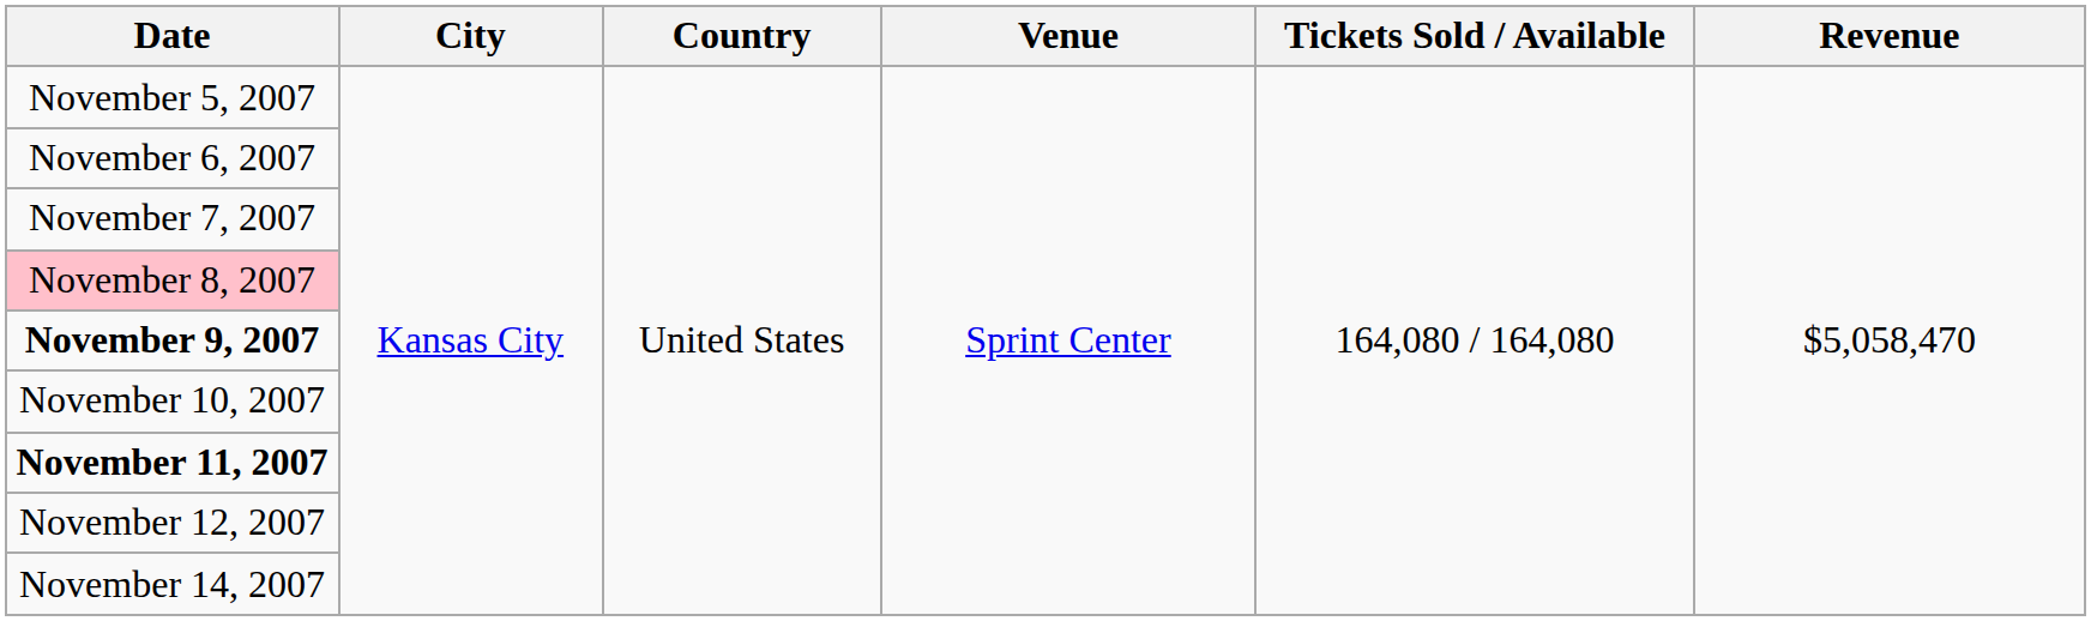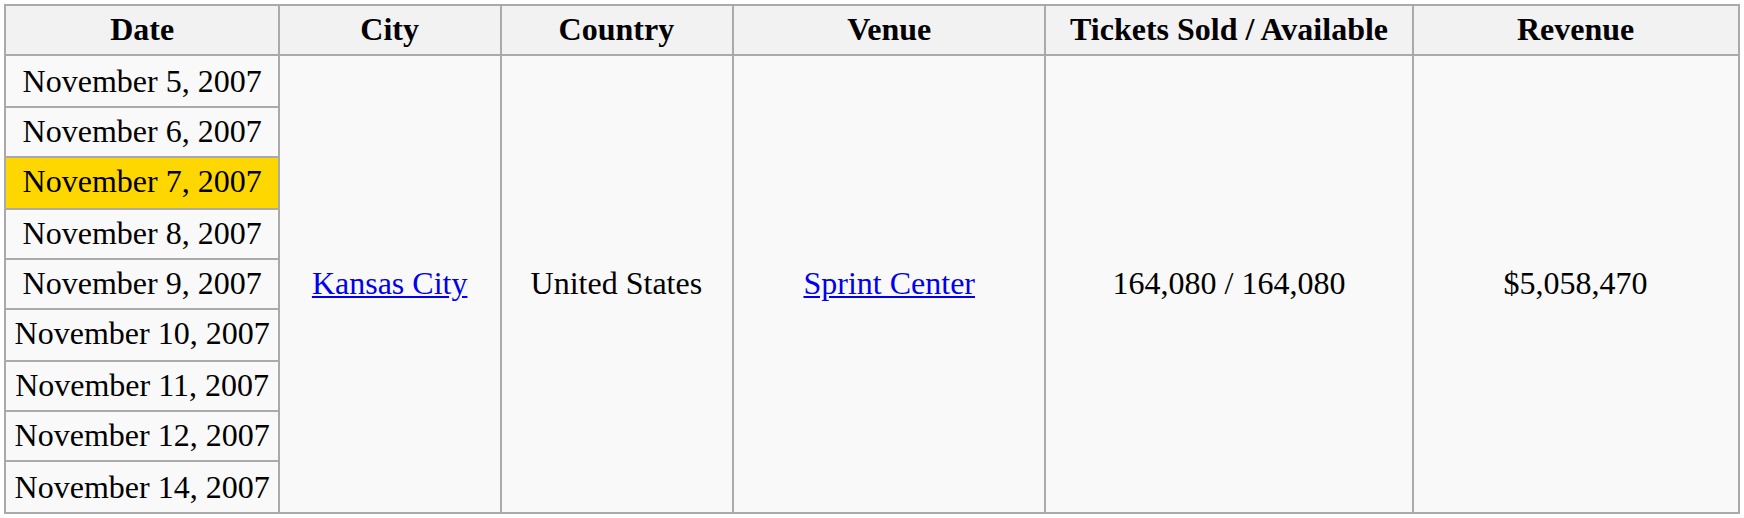 <table class="wikitable" style="text-align:center;">
 <tr>
 <th scope="col" style="width:12em;">Date</th>
 <th scope="col" style="width:10em;">City</th>
 <th scope="col" style="width:10em;">Country</th>
 <th scope="col" style="width:16em;">Venue</th>
 <th scope="col" style="width:18em;">Tickets Sold / Available</th>
 <th scope="col" style="width:15em;">Revenue</th>
 </tr>
 <tr>
 <td>November 5, 2007</td>
 <td rowspan="9"><a href='#'>Kansas City</a></td>
 <td rowspan="9">United States</td>
 <td rowspan="9"><a href='#'>Sprint Center</a></td>
 <td rowspan="9">164,080 / 164,080</td>
 <td rowspan="9">$5,058,470</td>
 </tr>
 <tr>
 <td>November 6, 2007</td>
 </tr>
 <tr>
-<td>November 7, 2007</td>
+<td style="background: gold;">November 7, 2007</td>
 </tr>
 <tr>
-<td style="background: pink;">November 8, 2007</td>
+<td>November 8, 2007</td>
 </tr>
 <tr>
-<td><strong>November 9, 2007</strong></td>
+<td>November 9, 2007</td>
 </tr>
 <tr>
 <td>November 10, 2007</td>
 </tr>
 <tr>
-<td><strong>November 11, 2007</strong></td>
+<td>November 11, 2007</td>
 </tr>
 <tr>
 <td>November 12, 2007</td>
 </tr>
 <tr>
 <td>November 14, 2007</td>
 </tr>
 </table>
